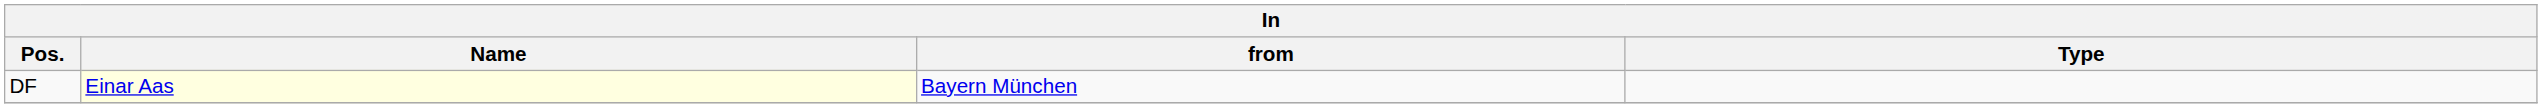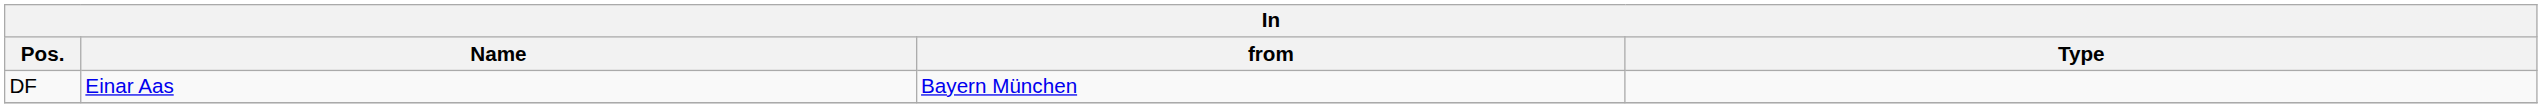 <table class="wikitable" style="font-size:100%;width:99%;">
 <tr>
 <th colspan="4">In</th>
 </tr>
 <tr>
 <th width=3%>Pos.</th>
 <th width=33%>Name</th>
 <th width=28%>from</th>
 <th width=36%>Type</th>
 </tr>
 <tr>
 <td>DF</td>
-<td style="background: lightyellow;"><a href='#'>Einar Aas</a></td>
+<td><a href='#'>Einar Aas</a></td>
 <td><a href='#'>Bayern München</a></td>
 <td></td>
 </tr>
 <tr>
 </tr>
 </table>
